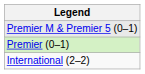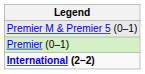 <table class="wikitable" style=font-size:90%>
 <tr>
 <th>Legend</th>
 </tr>
 <tr>
 <td style="background:#e9e9e9;"><a href='#'>Premier M & Premier 5</a> (0–1)</td>
 </tr>
 <tr>
 <td style="background:#d4f1c5;"><a href='#'>Premier</a> (0–1)</td>
 </tr>
 <tr>
-<td><a href='#'>International</a> (2–2)</td>
+<td><strong><a href='#'>International</a> (2–2)</strong></td>
 </tr>
 </table>
